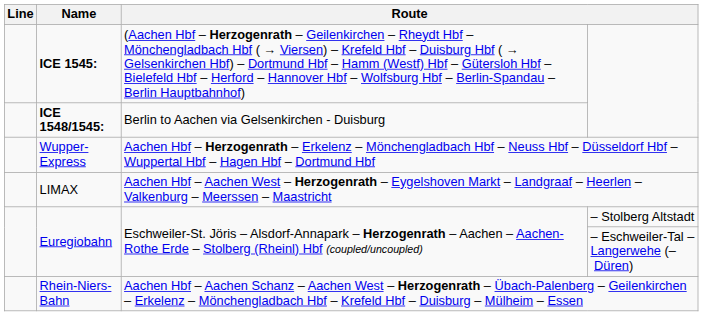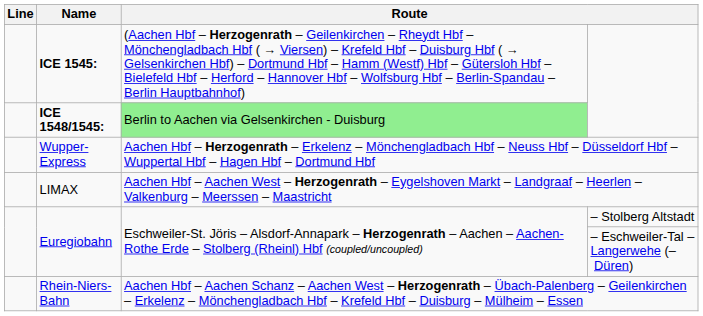 <table class="wikitable">
 <tr>
 <th>Line</th>
 <th>Name</th>
 <th colspan="3">Route</th>
 </tr>
 <tr>
 <td></td>
 <td><strong>ICE 1545:</strong></td>
 <td>(<a href='#'>Aachen Hbf</a> – <strong>Herzogenrath</strong> – <a href='#'>Geilenkirchen</a> – <a href='#'>Rheydt Hbf</a> – <a href='#'>Mönchengladbach Hbf</a> ( → <a href='#'>Viersen</a>) – <a href='#'>Krefeld Hbf</a> – <a href='#'>Duisburg Hbf</a> ( → <a href='#'>Gelsenkirchen Hbf</a>) – <a href='#'>Dortmund Hbf</a> – <a href='#'>Hamm (Westf) Hbf</a> – <a href='#'>Gütersloh Hbf</a> – <a href='#'>Bielefeld Hbf</a> – <a href='#'>Herford</a> – <a href='#'>Hannover Hbf</a> – <a href='#'>Wolfsburg Hbf</a> – <a href='#'>Berlin-Spandau</a> – <a href='#'>Berlin Hauptbahnhof</a>)</td>
 </tr>
 <tr>
 <td></td>
 <td><strong>ICE 1548/1545:</strong></td>
-<td>Berlin to Aachen via Gelsenkirchen - Duisburg</td>
+<td style="background: lightgreen;">Berlin to Aachen via Gelsenkirchen - Duisburg</td>
 </tr>
 <tr>
 <td></td>
 <td><a href='#'>Wupper-Express</a></td>
 <td colspan="2"><a href='#'>Aachen Hbf</a> – <strong>Herzogenrath</strong> – <a href='#'>Erkelenz</a> – <a href='#'>Mönchengladbach Hbf</a> – <a href='#'>Neuss Hbf</a> – <a href='#'>Düsseldorf Hbf</a> – <a href='#'>Wuppertal Hbf</a> – <a href='#'>Hagen Hbf</a> – <a href='#'>Dortmund Hbf</a></td>
 </tr>
 <tr>
 <td></td>
 <td>LIMAX</td>
 <td colspan="2"><a href='#'>Aachen Hbf</a> – <a href='#'>Aachen West</a> – <strong>Herzogenrath</strong> – <a href='#'>Eygelshoven Markt</a> – <a href='#'>Landgraaf</a> – <a href='#'>Heerlen</a> – <a href='#'>Valkenburg</a> – <a href='#'>Meerssen</a> – <a href='#'>Maastricht</a></td>
 </tr>
 <tr>
 <td rowspan="2"></td>
 <td rowspan="2"><a href='#'>Euregiobahn</a></td>
 <td rowspan="2">Eschweiler-St. Jöris – Alsdorf-Annapark – <strong>Herzogenrath</strong> – Aachen – <a href='#'>Aachen-Rothe Erde</a> – <a href='#'>Stolberg (Rheinl) Hbf</a> <small><em>(coupled/uncoupled)</em></small></td>
 <td>– Stolberg Altstadt</td>
 </tr>
 <tr>
 <td>– Eschweiler-Tal – <a href='#'>Langerwehe</a> (– <a href='#'>Düren</a>)</td>
 </tr>
 <tr>
 <td></td>
 <td><a href='#'>Rhein-Niers-Bahn</a></td>
 <td colspan="2"><a href='#'>Aachen Hbf</a> – <a href='#'>Aachen Schanz</a> – <a href='#'>Aachen West</a> – <strong>Herzogenrath</strong> – <a href='#'>Übach-Palenberg</a> – <a href='#'>Geilenkirchen</a> – <a href='#'>Erkelenz</a> – <a href='#'>Mönchengladbach Hbf</a> – <a href='#'>Krefeld Hbf</a> – <a href='#'>Duisburg</a> – <a href='#'>Mülheim</a> – <a href='#'>Essen</a></td>
 </tr>
 </table>
